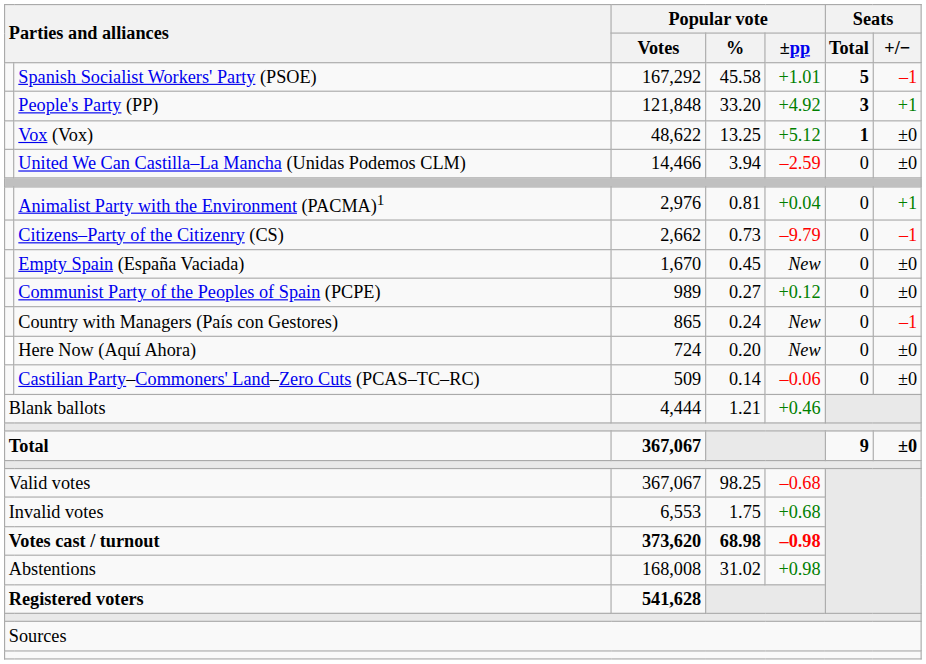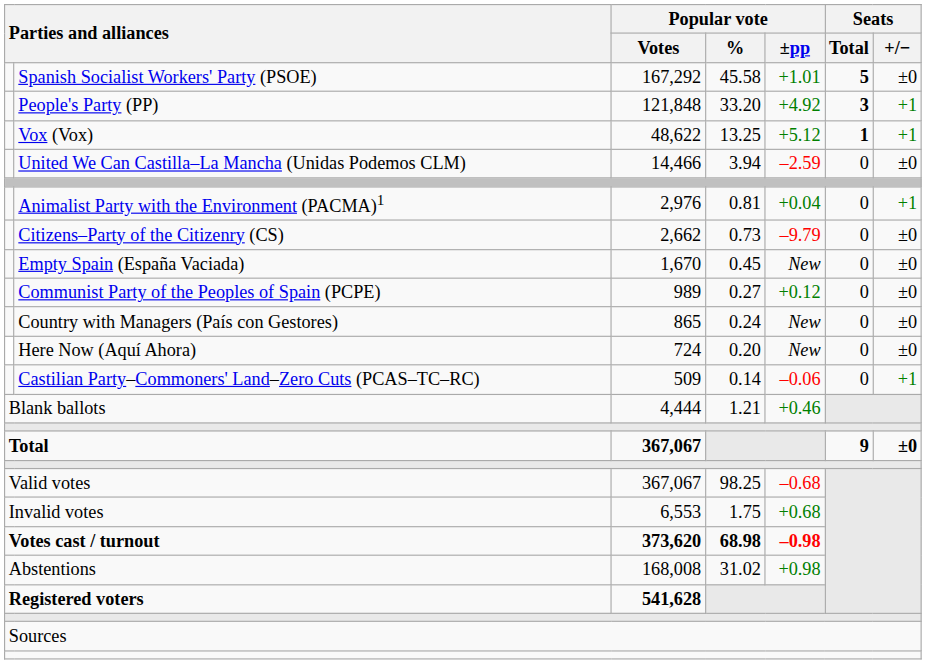 <table class="wikitable" style="text-align:right;">
 <tr>
 <th style="text-align:left;" rowspan="2" colspan="2" width="525">Parties and alliances</th>
 <th colspan="3">Popular vote</th>
 <th colspan="2">Seats</th>
 </tr>
 <tr>
 <th width="75">Votes</th>
 <th width="45">%</th>
 <th width="45">±<a href='#'>pp</a></th>
 <th width="35">Total</th>
 <th width="35">+/−</th>
 </tr>
 <tr>
 <td width="1" style="color:inherit;background:"></td>
 <td align="left"><a href='#'>Spanish Socialist Workers' Party</a> (PSOE)</td>
 <td>167,292</td>
 <td>45.58</td>
 <td style="color:green;">+1.01</td>
 <td><strong>5</strong></td>
-<td style="color:red;">–1</td>
+<td>±0</td>
 </tr>
 <tr>
 <td style="color:inherit;background:"></td>
 <td align="left"><a href='#'>People's Party</a> (PP)</td>
 <td>121,848</td>
 <td>33.20</td>
 <td style="color:green;">+4.92</td>
 <td><strong>3</strong></td>
 <td style="color:green;">+1</td>
 </tr>
 <tr>
 <td style="color:inherit;background:"></td>
 <td align="left"><a href='#'>Vox</a> (Vox)</td>
 <td>48,622</td>
 <td>13.25</td>
 <td style="color:green;">+5.12</td>
 <td><strong>1</strong></td>
-<td>±0</td>
+<td style="color:green;">+1</td>
 </tr>
 <tr>
 <td style="color:inherit;background:"></td>
 <td align="left"><a href='#'>United We Can Castilla–La Mancha</a> (Unidas Podemos CLM)</td>
 <td>14,466</td>
 <td>3.94</td>
 <td style="color:red;">–2.59</td>
 <td>0</td>
 <td>±0</td>
 </tr>
 <tr>
 <td colspan="7" bgcolor="#C0C0C0"></td>
 </tr>
 <tr>
 <td style="color:inherit;background:"></td>
 <td align="left"><a href='#'>Animalist Party with the Environment</a> (PACMA)<sup>1</sup></td>
 <td>2,976</td>
 <td>0.81</td>
 <td style="color:green;">+0.04</td>
 <td>0</td>
 <td style="color:green;">+1</td>
 </tr>
 <tr>
 <td style="color:inherit;background:"></td>
 <td align="left"><a href='#'>Citizens–Party of the Citizenry</a> (CS)</td>
 <td>2,662</td>
 <td>0.73</td>
 <td style="color:red;">–9.79</td>
 <td>0</td>
-<td style="color:red;">–1</td>
+<td>±0</td>
 </tr>
 <tr>
 <td style="color:inherit;background:"></td>
 <td align="left"><a href='#'>Empty Spain</a> (España Vaciada)</td>
 <td>1,670</td>
 <td>0.45</td>
 <td><em>New</em></td>
 <td>0</td>
 <td>±0</td>
 </tr>
 <tr>
 <td style="color:inherit;background:"></td>
 <td align="left"><a href='#'>Communist Party of the Peoples of Spain</a> (PCPE)</td>
 <td>989</td>
 <td>0.27</td>
 <td style="color:green;">+0.12</td>
 <td>0</td>
 <td>±0</td>
 </tr>
 <tr>
 <td style="color:inherit;background:"></td>
 <td align="left">Country with Managers (País con Gestores)</td>
 <td>865</td>
 <td>0.24</td>
 <td><em>New</em></td>
 <td>0</td>
-<td style="color:red;">–1</td>
+<td>±0</td>
 </tr>
 <tr>
 <td bgcolor="white"></td>
 <td align="left">Here Now (Aquí Ahora)</td>
 <td>724</td>
 <td>0.20</td>
 <td><em>New</em></td>
 <td>0</td>
 <td>±0</td>
 </tr>
 <tr>
 <td style="color:inherit;background:"></td>
 <td align="left"><a href='#'>Castilian Party</a>–<a href='#'>Commoners' Land</a>–<a href='#'>Zero Cuts</a> (PCAS–TC–RC)</td>
 <td>509</td>
 <td>0.14</td>
 <td style="color:red;">–0.06</td>
 <td>0</td>
-<td>±0</td>
+<td style="color:green;">+1</td>
 </tr>
 <tr>
 <td align="left" colspan="2">Blank ballots</td>
 <td>4,444</td>
 <td>1.21</td>
 <td style="color:green;">+0.46</td>
 <td bgcolor="#E9E9E9" colspan="2"></td>
 </tr>
 <tr>
 <td colspan="7" bgcolor="#E9E9E9"></td>
 </tr>
 <tr style="font-weight:bold;">
 <td align="left" colspan="2">Total</td>
 <td>367,067</td>
 <td bgcolor="#E9E9E9" colspan="2"></td>
 <td>9</td>
 <td>±0</td>
 </tr>
 <tr>
 <td colspan="7" bgcolor="#E9E9E9"></td>
 </tr>
 <tr>
 <td align="left" colspan="2">Valid votes</td>
 <td>367,067</td>
 <td>98.25</td>
 <td style="color:red;">–0.68</td>
 <td bgcolor="#E9E9E9" colspan="2" rowspan="5"></td>
 </tr>
 <tr>
 <td align="left" colspan="2">Invalid votes</td>
 <td>6,553</td>
 <td>1.75</td>
 <td style="color:green;">+0.68</td>
 </tr>
 <tr style="font-weight:bold;">
 <td align="left" colspan="2">Votes cast / turnout</td>
 <td>373,620</td>
 <td>68.98</td>
 <td style="color:red;">–0.98</td>
 </tr>
 <tr>
 <td align="left" colspan="2">Abstentions</td>
 <td>168,008</td>
 <td>31.02</td>
 <td style="color:green;">+0.98</td>
 </tr>
 <tr style="font-weight:bold;">
 <td align="left" colspan="2">Registered voters</td>
 <td>541,628</td>
 <td bgcolor="#E9E9E9" colspan="2"></td>
 </tr>
 <tr>
 <td colspan="7" bgcolor="#E9E9E9"></td>
 </tr>
 <tr>
 <td align="left" colspan="7">Sources</td>
 </tr>
 <tr>
 <td colspan="7" style="text-align:left; max-width:790px;"></td>
 </tr>
 </table>
